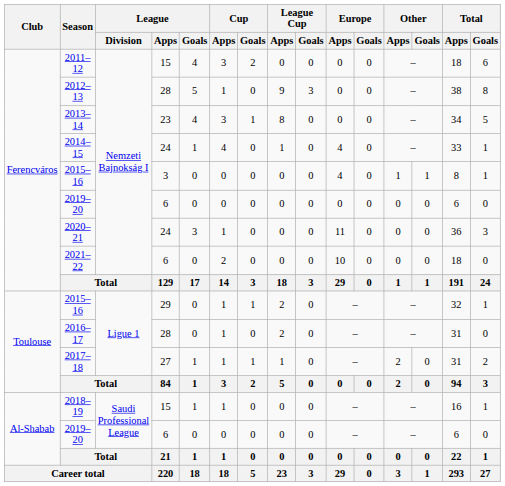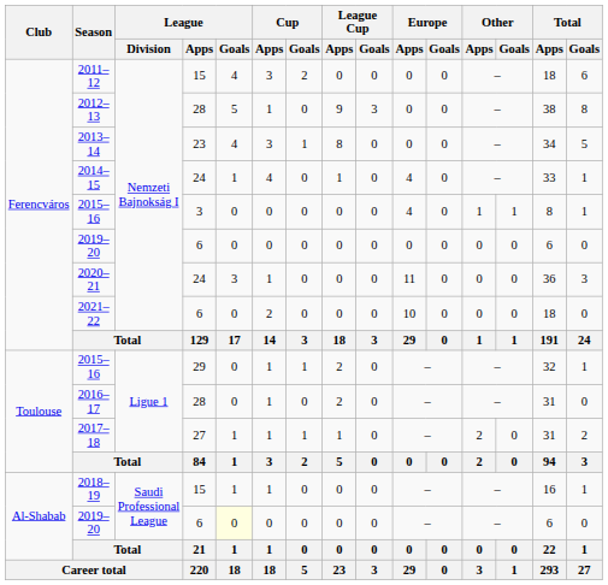 <table class="wikitable" style="text-align:center">
 <tr>
 <th rowspan="2">Club</th>
 <th rowspan="2">Season</th>
 <th colspan="3">League</th>
 <th colspan="2">Cup</th>
 <th colspan="2">League Cup</th>
 <th colspan="2">Europe</th>
 <th colspan="2">Other</th>
 <th colspan="2">Total</th>
 </tr>
 <tr>
 <th>Division</th>
 <th>Apps</th>
 <th>Goals</th>
 <th>Apps</th>
 <th>Goals</th>
 <th>Apps</th>
 <th>Goals</th>
 <th>Apps</th>
 <th>Goals</th>
 <th>Apps</th>
 <th>Goals</th>
 <th>Apps</th>
 <th>Goals</th>
 </tr>
 <tr>
 <td rowspan="9"><a href='#'>Ferencváros</a></td>
 <td><a href='#'>2011–12</a></td>
 <td rowspan="8"><a href='#'>Nemzeti Bajnokság I</a></td>
 <td>15</td>
 <td>4</td>
 <td>3</td>
 <td>2</td>
 <td>0</td>
 <td>0</td>
 <td>0</td>
 <td>0</td>
 <td colspan="2">–</td>
 <td>18</td>
 <td>6</td>
 </tr>
 <tr>
 <td><a href='#'>2012–13</a></td>
 <td>28</td>
 <td>5</td>
 <td>1</td>
 <td>0</td>
 <td>9</td>
 <td>3</td>
 <td>0</td>
 <td>0</td>
 <td colspan="2">–</td>
 <td>38</td>
 <td>8</td>
 </tr>
 <tr>
 <td><a href='#'>2013–14</a></td>
 <td>23</td>
 <td>4</td>
 <td>3</td>
 <td>1</td>
 <td>8</td>
 <td>0</td>
 <td>0</td>
 <td>0</td>
 <td colspan="2">–</td>
 <td>34</td>
 <td>5</td>
 </tr>
 <tr>
 <td><a href='#'>2014–15</a></td>
 <td>24</td>
 <td>1</td>
 <td>4</td>
 <td>0</td>
 <td>1</td>
 <td>0</td>
 <td>4</td>
 <td>0</td>
 <td colspan="2">–</td>
 <td>33</td>
 <td>1</td>
 </tr>
 <tr>
 <td><a href='#'>2015–16</a></td>
 <td>3</td>
 <td>0</td>
 <td>0</td>
 <td>0</td>
 <td>0</td>
 <td>0</td>
 <td>4</td>
 <td>0</td>
 <td>1</td>
 <td>1</td>
 <td>8</td>
 <td>1</td>
 </tr>
 <tr>
 <td><a href='#'>2019–20</a></td>
 <td>6</td>
 <td>0</td>
 <td>0</td>
 <td>0</td>
 <td>0</td>
 <td>0</td>
 <td>0</td>
 <td>0</td>
 <td>0</td>
 <td>0</td>
 <td>6</td>
 <td>0</td>
 </tr>
 <tr>
 <td><a href='#'>2020–21</a></td>
 <td>24</td>
 <td>3</td>
 <td>1</td>
 <td>0</td>
 <td>0</td>
 <td>0</td>
 <td>11</td>
 <td>0</td>
 <td>0</td>
 <td>0</td>
 <td>36</td>
 <td>3</td>
 </tr>
 <tr>
 <td><a href='#'>2021–22</a></td>
 <td>6</td>
 <td>0</td>
 <td>2</td>
 <td>0</td>
 <td>0</td>
 <td>0</td>
 <td>10</td>
 <td>0</td>
 <td>0</td>
 <td>0</td>
 <td>18</td>
 <td>0</td>
 </tr>
 <tr>
 <th colspan="2">Total</th>
 <th>129</th>
 <th>17</th>
 <th>14</th>
 <th>3</th>
 <th>18</th>
 <th>3</th>
 <th>29</th>
 <th>0</th>
 <th>1</th>
 <th>1</th>
 <th>191</th>
 <th>24</th>
 </tr>
 <tr>
 <td rowspan="4"><a href='#'>Toulouse</a></td>
 <td><a href='#'>2015–16</a></td>
 <td rowspan="3"><a href='#'>Ligue 1</a></td>
 <td>29</td>
 <td>0</td>
 <td>1</td>
 <td>1</td>
 <td>2</td>
 <td>0</td>
 <td colspan="2">–</td>
 <td colspan="2">–</td>
 <td>32</td>
 <td>1</td>
 </tr>
 <tr>
 <td><a href='#'>2016–17</a></td>
 <td>28</td>
 <td>0</td>
 <td>1</td>
 <td>0</td>
 <td>2</td>
 <td>0</td>
 <td colspan="2">–</td>
 <td colspan="2">–</td>
 <td>31</td>
 <td>0</td>
 </tr>
 <tr>
 <td><a href='#'>2017–18</a></td>
 <td>27</td>
 <td>1</td>
 <td>1</td>
 <td>1</td>
 <td>1</td>
 <td>0</td>
 <td colspan="2">–</td>
 <td>2</td>
 <td>0</td>
 <td>31</td>
 <td>2</td>
 </tr>
 <tr>
 <th colspan="2">Total</th>
 <th>84</th>
 <th>1</th>
 <th>3</th>
 <th>2</th>
 <th>5</th>
 <th>0</th>
 <th>0</th>
 <th>0</th>
 <th>2</th>
 <th>0</th>
 <th>94</th>
 <th>3</th>
 </tr>
 <tr>
 <td rowspan="3"><a href='#'>Al-Shabab</a></td>
 <td><a href='#'>2018–19</a></td>
 <td rowspan="2"><a href='#'>Saudi Professional League</a></td>
 <td>15</td>
 <td>1</td>
 <td>1</td>
 <td>0</td>
 <td>0</td>
 <td>0</td>
 <td colspan="2">–</td>
 <td colspan="2">–</td>
 <td>16</td>
 <td>1</td>
 </tr>
 <tr>
 <td><a href='#'>2019–20</a></td>
 <td>6</td>
-<td>0</td>
+<td style="background: lightyellow;">0</td>
 <td>0</td>
 <td>0</td>
 <td>0</td>
 <td>0</td>
 <td colspan="2">–</td>
 <td colspan="2">–</td>
 <td>6</td>
 <td>0</td>
 </tr>
 <tr>
 <th colspan="2">Total</th>
 <th>21</th>
 <th>1</th>
 <th>1</th>
 <th>0</th>
 <th>0</th>
 <th>0</th>
 <th>0</th>
 <th>0</th>
 <th>0</th>
 <th>0</th>
 <th>22</th>
 <th>1</th>
 </tr>
 <tr>
 <th colspan="3">Career total</th>
 <th>220</th>
 <th>18</th>
 <th>18</th>
 <th>5</th>
 <th>23</th>
 <th>3</th>
 <th>29</th>
 <th>0</th>
 <th>3</th>
 <th>1</th>
 <th>293</th>
 <th>27</th>
 </tr>
 </table>
